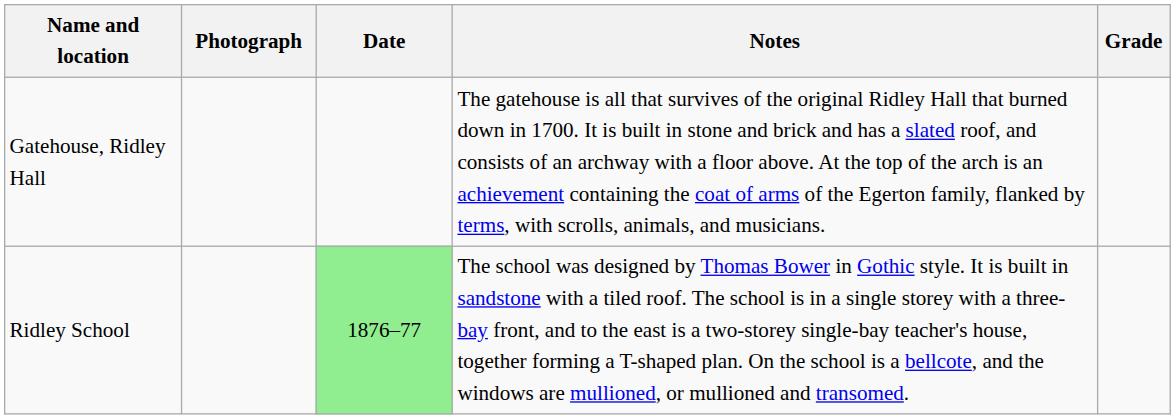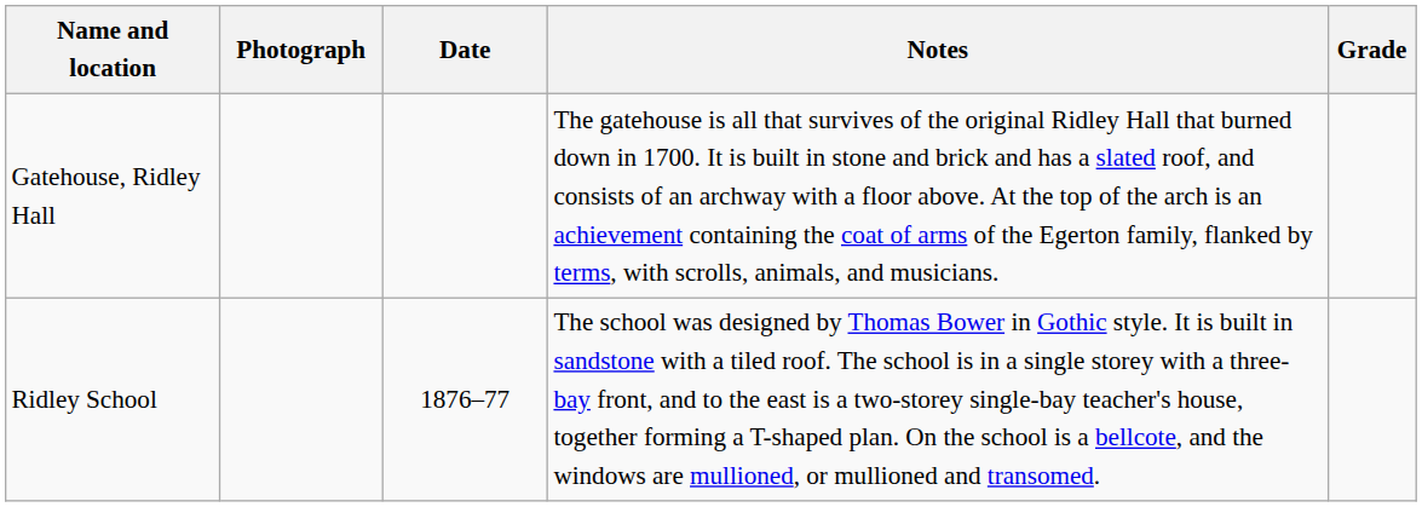 <table class="wikitable sortable plainrowheaders" style="width:100%;border:0px;text-align:left;line-height:150%;">
 <tr>
 <th scope="col"  style="width:150px">Name and location</th>
 <th scope="col"  style="width:100px" class="unsortable">Photograph</th>
 <th scope="col"  style="width:120px">Date</th>
 <th scope="col"  style="width:650px" class="unsortable">Notes</th>
 <th scope="col"  style="width:50px">Grade</th>
 </tr>
 <tr>
 <td>Gatehouse, Ridley Hall<br><small></small></td>
 <td></td>
 <td align="center"></td>
 <td>The gatehouse is all that survives of the original Ridley Hall that burned down in 1700. It is built in stone and brick and has a <a href='#'>slated</a> roof, and consists of an archway with a floor above.  At the top of the arch is an <a href='#'>achievement</a> containing the <a href='#'>coat of arms</a> of the Egerton family, flanked by <a href='#'>terms</a>, with scrolls, animals, and musicians.</td>
 <td align="center" ></td>
 </tr>
 <tr>
 <td>Ridley School<br><small></small></td>
 <td></td>
-<td align="center" style="background: lightgreen;">1876–77</td>
+<td align="center">1876–77</td>
 <td>The school was designed by <a href='#'>Thomas Bower</a> in <a href='#'>Gothic</a> style.  It is built in <a href='#'>sandstone</a> with a tiled roof.  The school is in a single storey with a three-<a href='#'>bay</a> front, and to the east is a two-storey single-bay teacher's house, together forming a T-shaped plan.  On the school is a <a href='#'>bellcote</a>, and the windows are <a href='#'>mullioned</a>, or mullioned and <a href='#'>transomed</a>.</td>
 <td align="center" ></td>
 </tr>
 <tr>
 </tr>
 </table>
